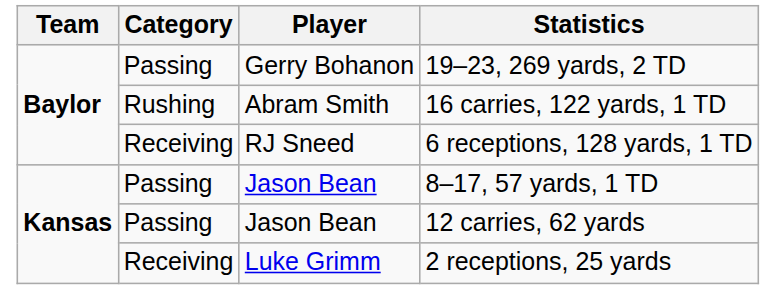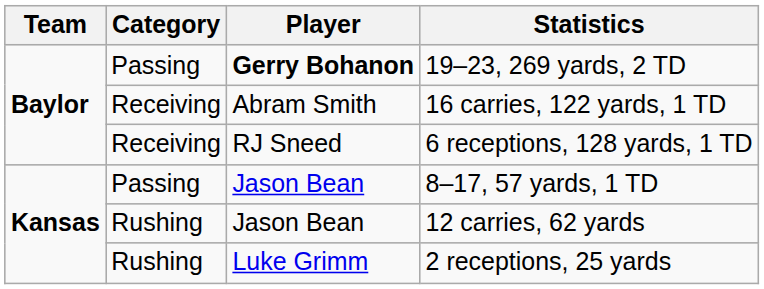 <table class="wikitable" style="float: right;">
 <tr>
 <th>Team</th>
 <th>Category</th>
 <th>Player</th>
 <th>Statistics</th>
 </tr>
 <tr>
 <td rowspan=3><strong>Baylor</strong></td>
 <td>Passing</td>
-<td>Gerry Bohanon</td>
+<td><strong>Gerry Bohanon</strong></td>
 <td>19–23, 269 yards, 2 TD</td>
 </tr>
 <tr>
-<td>Rushing</td>
+<td>Receiving</td>
 <td>Abram Smith</td>
 <td>16 carries, 122 yards, 1 TD</td>
 </tr>
 <tr>
 <td>Receiving</td>
 <td>RJ Sneed</td>
 <td>6 receptions, 128 yards, 1 TD</td>
 </tr>
 <tr>
 <td rowspan=3><strong>Kansas</strong></td>
 <td>Passing</td>
 <td><a href='#'>Jason Bean</a></td>
 <td>8–17, 57 yards, 1 TD</td>
 </tr>
 <tr>
-<td>Passing</td>
+<td>Rushing</td>
 <td>Jason Bean</td>
 <td>12 carries, 62 yards</td>
 </tr>
 <tr>
-<td>Receiving</td>
+<td>Rushing</td>
 <td><a href='#'>Luke Grimm</a></td>
 <td>2 receptions, 25 yards</td>
 </tr>
 </table>
